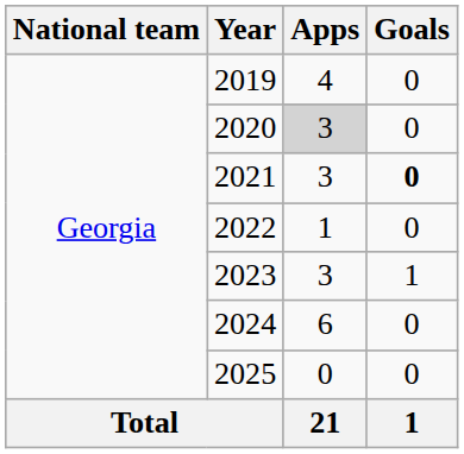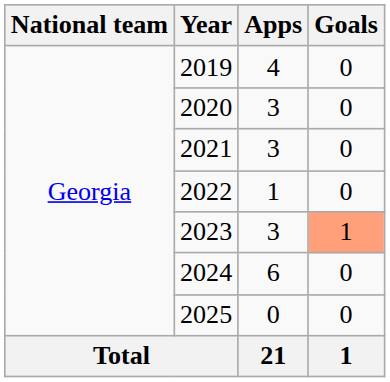 <table class="wikitable" style="text-align:center">
 <tr>
 <th>National team</th>
 <th>Year</th>
 <th>Apps</th>
 <th>Goals</th>
 </tr>
 <tr>
 <td rowspan="7"><a href='#'>Georgia</a></td>
 <td>2019</td>
 <td>4</td>
 <td>0</td>
 </tr>
 <tr>
 <td>2020</td>
-<td style="background: lightgrey;">3</td>
+<td>3</td>
 <td>0</td>
 </tr>
 <tr>
 <td>2021</td>
 <td>3</td>
-<td><strong>0</strong></td>
+<td>0</td>
 </tr>
 <tr>
 <td>2022</td>
 <td>1</td>
 <td>0</td>
 </tr>
 <tr>
 <td>2023</td>
 <td>3</td>
-<td>1</td>
+<td style="background: lightsalmon;">1</td>
 </tr>
 <tr>
 <td>2024</td>
 <td>6</td>
 <td>0</td>
 </tr>
 <tr>
 <td>2025</td>
 <td>0</td>
 <td>0</td>
 </tr>
 <tr>
 <th colspan="2">Total</th>
 <th>21</th>
 <th>1</th>
 </tr>
 </table>
